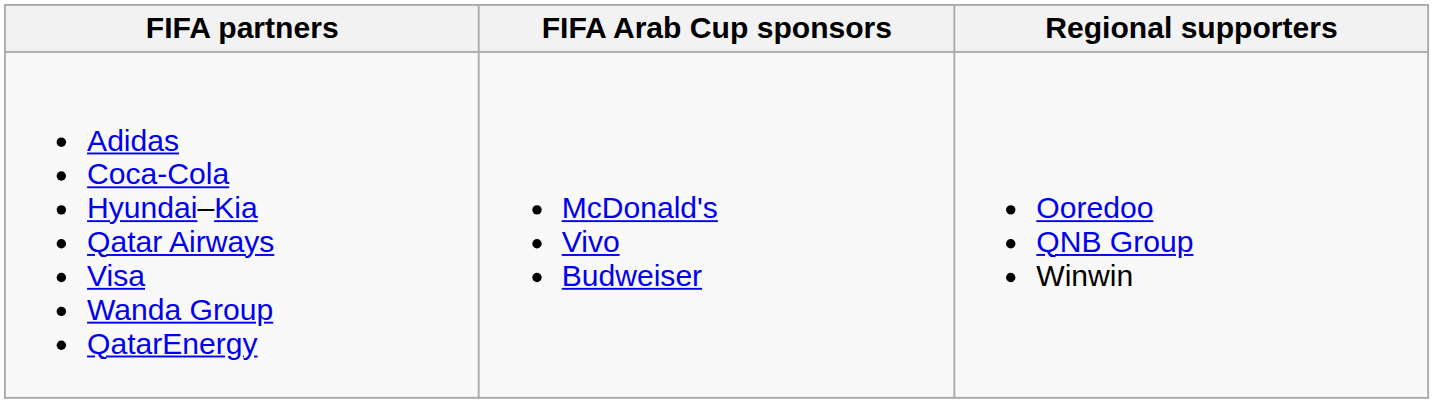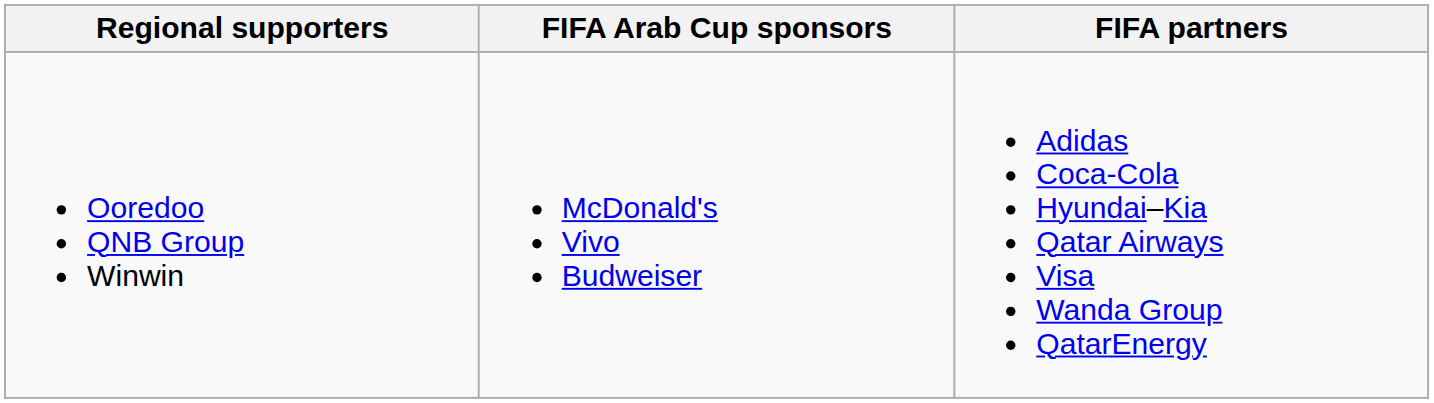 <table class="wikitable centre" style="width:60%;">
 <tr>
+<th width=20%>Regional supporters</th>
+<th width=20%>FIFA Arab Cup sponsors</th>
 <th width=20%>FIFA partners</th>
-<th width=20%>FIFA Arab Cup sponsors</th>
-<th width=20%>Regional supporters</th>
 </tr>
 <tr>
+<td><br><ul><li><a href='#'>Ooredoo</a></li><li><a href='#'>QNB Group</a></li><li>Winwin</li></ul></td>
+<td><br><ul><li><a href='#'>McDonald's</a></li><li><a href='#'>Vivo</a></li><li><a href='#'>Budweiser</a></li></ul></td>
 <td><br><ul><li><a href='#'>Adidas</a></li><li><a href='#'>Coca-Cola</a></li><li><a href='#'>Hyundai</a>–<a href='#'>Kia</a></li><li><a href='#'>Qatar Airways</a></li><li><a href='#'>Visa</a></li><li><a href='#'>Wanda Group</a></li><li><a href='#'>QatarEnergy</a></li></ul></td>
-<td><br><ul><li><a href='#'>McDonald's</a></li><li><a href='#'>Vivo</a></li><li><a href='#'>Budweiser</a></li></ul></td>
-<td><br><ul><li><a href='#'>Ooredoo</a></li><li><a href='#'>QNB Group</a></li><li>Winwin</li></ul></td>
 </tr>
 </table>
